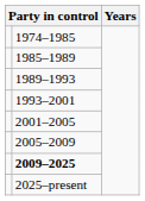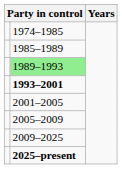 <table class="wikitable">
 <tr>
 <th colspan="2">Party in control</th>
 <th>Years</th>
 </tr>
 <tr>
 <td></td>
 <td>1974–1985</td>
 </tr>
 <tr>
 <td></td>
 <td>1985–1989</td>
 </tr>
 <tr>
 <td></td>
-<td>1989–1993</td>
+<td style="background: lightgreen;">1989–1993</td>
 </tr>
 <tr>
 <td></td>
-<td>1993–2001</td>
+<td><strong>1993–2001</strong></td>
 </tr>
 <tr>
 <td></td>
 <td>2001–2005</td>
 </tr>
 <tr>
 <td></td>
 <td>2005–2009</td>
 </tr>
 <tr>
 <td></td>
-<td><strong>2009–2025</strong></td>
+<td>2009–2025</td>
 </tr>
 <tr>
 <td></td>
-<td>2025–present</td>
+<td><strong>2025–present</strong></td>
 </tr>
 </table>
